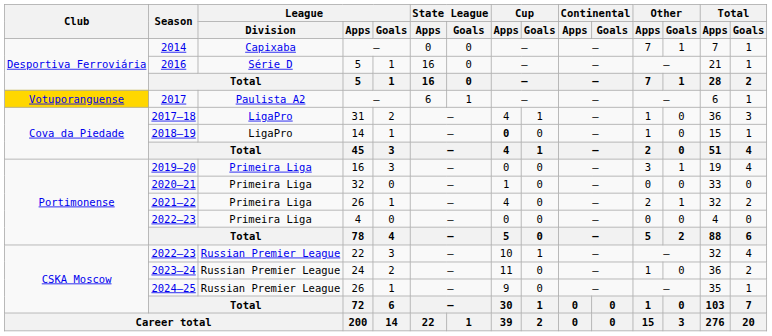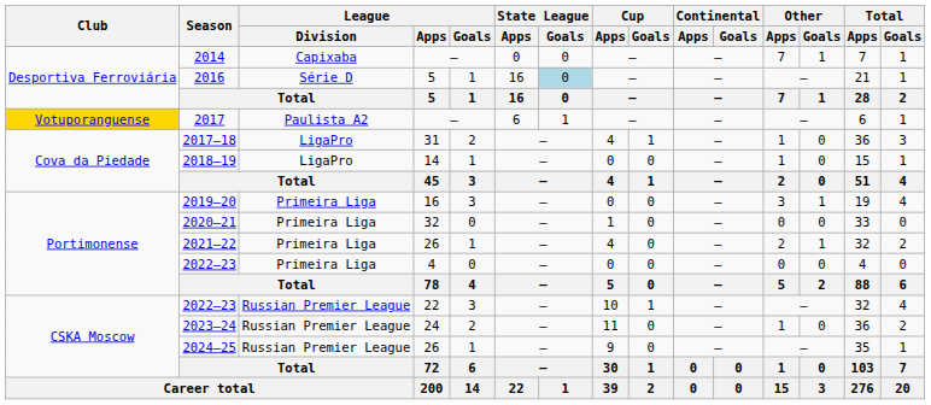 <table class="wikitable" style="text-align: center;">
 <tr>
 <th rowspan="2">Club</th>
 <th rowspan="2">Season</th>
 <th colspan="3">League</th>
 <th colspan="2">State League</th>
 <th colspan="2">Cup</th>
 <th colspan="2">Continental</th>
 <th colspan="2">Other</th>
 <th colspan="2">Total</th>
 </tr>
 <tr>
 <th>Division</th>
 <th>Apps</th>
 <th>Goals</th>
 <th>Apps</th>
 <th>Goals</th>
 <th>Apps</th>
 <th>Goals</th>
 <th>Apps</th>
 <th>Goals</th>
 <th>Apps</th>
 <th>Goals</th>
 <th>Apps</th>
 <th>Goals</th>
 </tr>
 <tr>
 <td rowspan="3" valign="center"><a href='#'>Desportiva Ferroviária</a></td>
 <td><a href='#'>2014</a></td>
 <td><a href='#'>Capixaba</a></td>
 <td colspan="2">—</td>
 <td>0</td>
 <td>0</td>
 <td colspan="2">—</td>
 <td colspan="2">—</td>
 <td>7</td>
 <td>1</td>
 <td>7</td>
 <td>1</td>
 </tr>
 <tr>
 <td><a href='#'>2016</a></td>
 <td><a href='#'>Série D</a></td>
 <td>5</td>
 <td>1</td>
 <td>16</td>
-<td>0</td>
+<td style="background: lightblue;">0</td>
 <td colspan="2">—</td>
 <td colspan="2">—</td>
 <td colspan="2">—</td>
 <td>21</td>
 <td>1</td>
 </tr>
 <tr>
 <th colspan="2">Total</th>
 <th>5</th>
 <th>1</th>
 <th>16</th>
 <th>0</th>
 <th colspan="2">—</th>
 <th colspan="2">—</th>
 <th>7</th>
 <th>1</th>
 <th>28</th>
 <th>2</th>
 </tr>
 <tr>
 <td valign="center" style="background: gold;"><a href='#'>Votuporanguense</a></td>
 <td><a href='#'>2017</a></td>
 <td><a href='#'>Paulista A2</a></td>
 <td colspan="2">—</td>
 <td>6</td>
 <td>1</td>
 <td colspan="2">—</td>
 <td colspan="2">—</td>
 <td colspan="2">—</td>
 <td>6</td>
 <td>1</td>
 </tr>
 <tr>
 <td rowspan="3" valign="center"><a href='#'>Cova da Piedade</a></td>
 <td><a href='#'>2017–18</a></td>
 <td><a href='#'>LigaPro</a></td>
 <td>31</td>
 <td>2</td>
 <td colspan="2">—</td>
 <td>4</td>
 <td>1</td>
 <td colspan="2">—</td>
 <td>1</td>
 <td>0</td>
 <td>36</td>
 <td>3</td>
 </tr>
 <tr>
 <td><a href='#'>2018–19</a></td>
 <td>LigaPro</td>
 <td>14</td>
 <td>1</td>
 <td colspan="2">—</td>
-<td><strong>0</strong></td>
+<td>0</td>
 <td>0</td>
 <td colspan="2">—</td>
 <td>1</td>
 <td>0</td>
 <td>15</td>
 <td>1</td>
 </tr>
 <tr>
 <th colspan="2">Total</th>
 <th>45</th>
 <th>3</th>
 <th colspan="2">—</th>
 <th>4</th>
 <th>1</th>
 <th colspan="2">—</th>
 <th>2</th>
 <th>0</th>
 <th>51</th>
 <th>4</th>
 </tr>
 <tr>
 <td rowspan="5" valign="center"><a href='#'>Portimonense</a></td>
 <td><a href='#'>2019–20</a></td>
 <td><a href='#'>Primeira Liga</a></td>
 <td>16</td>
 <td>3</td>
 <td colspan="2">—</td>
 <td>0</td>
 <td>0</td>
 <td colspan="2">—</td>
 <td>3</td>
 <td>1</td>
 <td>19</td>
 <td>4</td>
 </tr>
 <tr>
 <td><a href='#'>2020–21</a></td>
 <td>Primeira Liga</td>
 <td>32</td>
 <td>0</td>
 <td colspan="2">—</td>
 <td>1</td>
 <td>0</td>
 <td colspan="2">—</td>
 <td>0</td>
 <td>0</td>
 <td>33</td>
 <td>0</td>
 </tr>
 <tr>
 <td><a href='#'>2021–22</a></td>
 <td>Primeira Liga</td>
 <td>26</td>
 <td>1</td>
 <td colspan="2">—</td>
 <td>4</td>
 <td>0</td>
 <td colspan="2">—</td>
 <td>2</td>
 <td>1</td>
 <td>32</td>
 <td>2</td>
 </tr>
 <tr>
 <td><a href='#'>2022–23</a></td>
 <td>Primeira Liga</td>
 <td>4</td>
 <td>0</td>
 <td colspan="2">—</td>
 <td>0</td>
 <td>0</td>
 <td colspan="2">—</td>
 <td>0</td>
 <td>0</td>
 <td>4</td>
 <td>0</td>
 </tr>
 <tr>
 <th colspan="2">Total</th>
 <th>78</th>
 <th>4</th>
 <th colspan="2">—</th>
 <th>5</th>
 <th>0</th>
 <th colspan="2">—</th>
 <th>5</th>
 <th>2</th>
 <th>88</th>
 <th>6</th>
 </tr>
 <tr>
 <td rowspan="4"><a href='#'>CSKA Moscow</a></td>
 <td><a href='#'>2022–23</a></td>
 <td><a href='#'>Russian Premier League</a></td>
 <td>22</td>
 <td>3</td>
 <td colspan="2">—</td>
 <td>10</td>
 <td>1</td>
 <td colspan="2">—</td>
 <td colspan="2">—</td>
 <td>32</td>
 <td>4</td>
 </tr>
 <tr>
 <td><a href='#'>2023–24</a></td>
 <td>Russian Premier League</td>
 <td>24</td>
 <td>2</td>
 <td colspan="2">—</td>
 <td>11</td>
 <td>0</td>
 <td colspan="2">—</td>
 <td>1</td>
 <td>0</td>
 <td>36</td>
 <td>2</td>
 </tr>
 <tr>
 <td><a href='#'>2024–25</a></td>
 <td>Russian Premier League</td>
 <td>26</td>
 <td>1</td>
 <td colspan="2">—</td>
 <td>9</td>
 <td>0</td>
 <td colspan="2">—</td>
 <td colspan="2">—</td>
 <td>35</td>
 <td>1</td>
 </tr>
 <tr>
 <th colspan="2">Total</th>
 <th>72</th>
 <th>6</th>
 <th colspan="2">—</th>
 <th>30</th>
 <th>1</th>
 <th>0</th>
 <th>0</th>
 <th>1</th>
 <th>0</th>
 <th>103</th>
 <th>7</th>
 </tr>
 <tr>
 <th colspan="3">Career total</th>
 <th>200</th>
 <th>14</th>
 <th>22</th>
 <th>1</th>
 <th>39</th>
 <th>2</th>
 <th>0</th>
 <th>0</th>
 <th>15</th>
 <th>3</th>
 <th>276</th>
 <th>20</th>
 </tr>
 </table>
